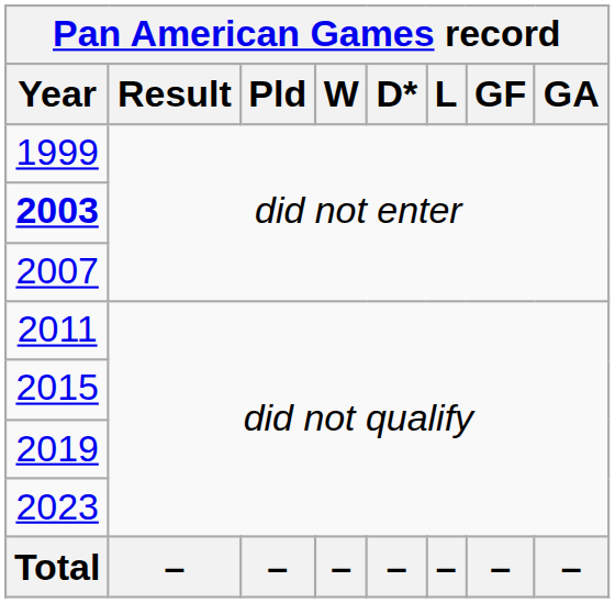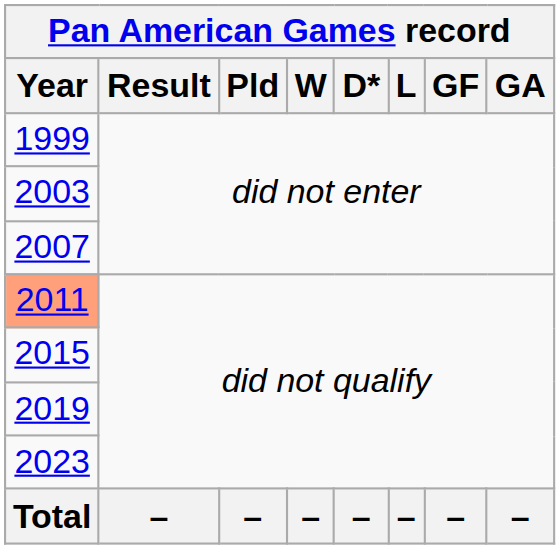 <table class="wikitable" style="text-align: center;">
 <tr>
 <th colspan=8><a href='#'>Pan American Games</a> record</th>
 </tr>
 <tr>
 <th>Year</th>
 <th>Result</th>
 <th>Pld</th>
 <th>W</th>
 <th>D*</th>
 <th>L</th>
 <th>GF</th>
 <th>GA</th>
 </tr>
 <tr>
 <td> <a href='#'>1999</a></td>
 <td colspan=7 rowspan=3><em>did not enter</em></td>
 </tr>
 <tr>
-<td><strong> <a href='#'>2003</a></strong></td>
+<td> <a href='#'>2003</a></td>
 </tr>
 <tr>
 <td> <a href='#'>2007</a></td>
 </tr>
 <tr>
-<td> <a href='#'>2011</a></td>
+<td style="background: lightsalmon;"> <a href='#'>2011</a></td>
 <td colspan=7 rowspan=4><em>did not qualify</em></td>
 </tr>
 <tr>
 <td> <a href='#'>2015</a></td>
 </tr>
 <tr>
 <td> <a href='#'>2019</a></td>
 </tr>
 <tr>
 <td> <a href='#'>2023</a></td>
 </tr>
 <tr>
 <th>Total</th>
 <th>–</th>
 <th>–</th>
 <th>–</th>
 <th>–</th>
 <th>–</th>
 <th>–</th>
 <th>–</th>
 </tr>
 </table>
